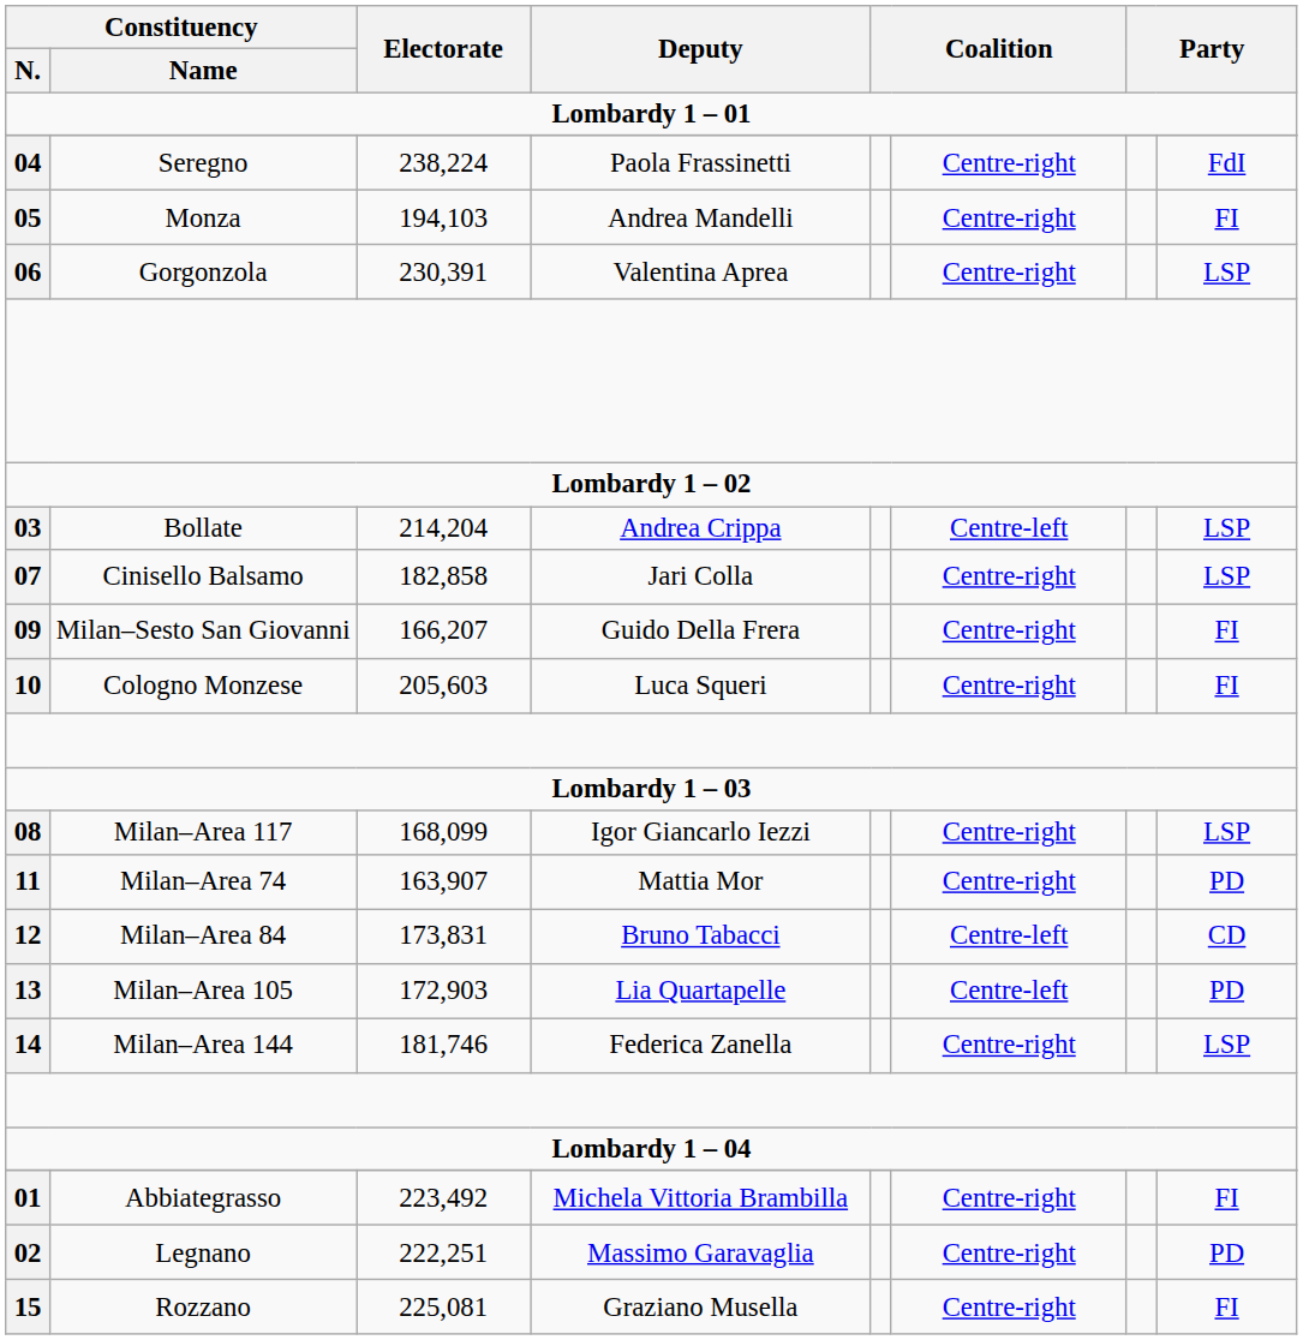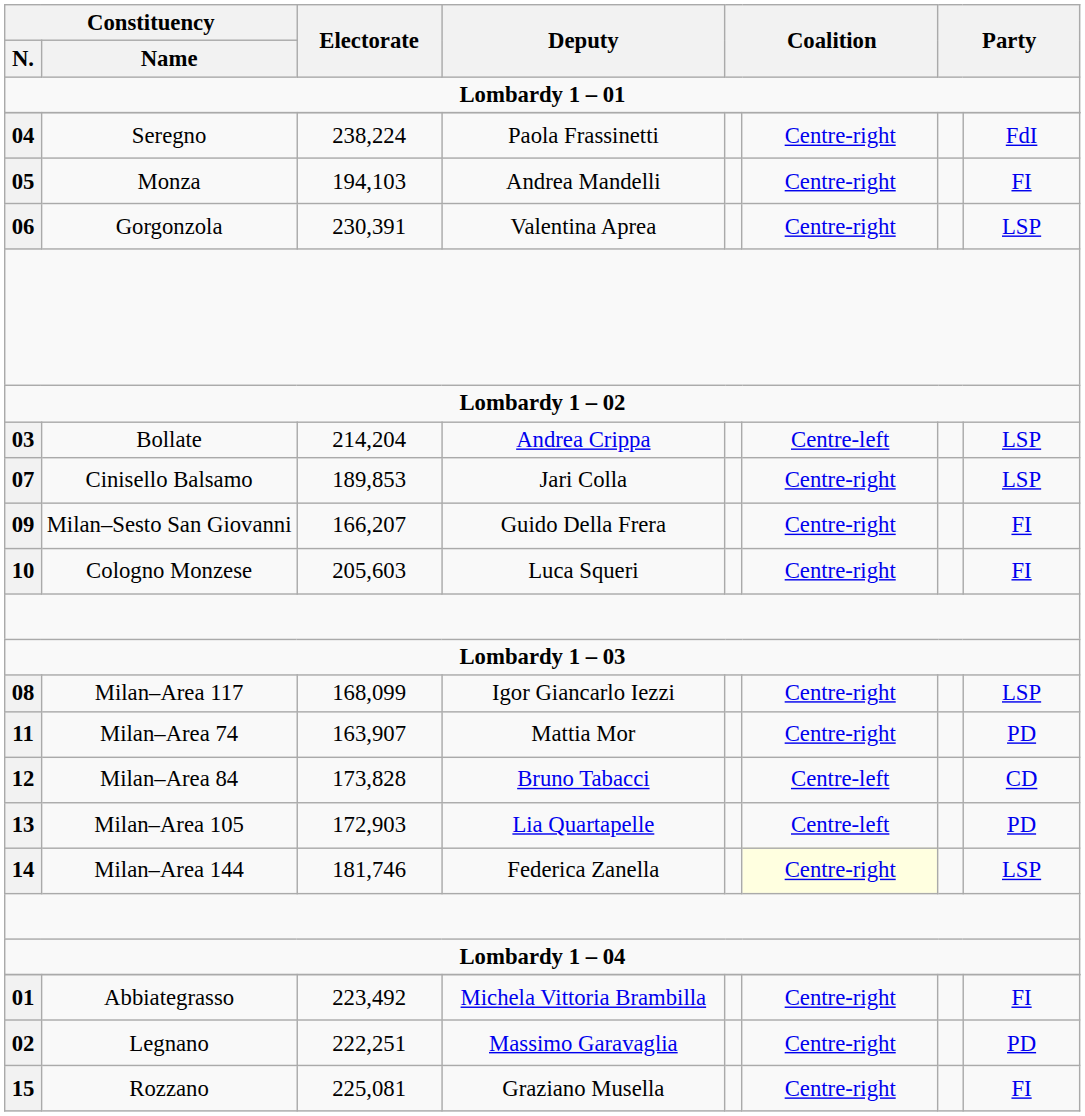 <table class="wikitable" style="text-align:center; style="width=60%">
 <tr>
 <th width=35% colspan="2">Constituency</th>
 <th width=10% rowspan="2">Electorate</th>
 <th width=20% rowspan="2">Deputy</th>
 <th width=15% colspan="2" rowspan="2">Coalition</th>
 <th width=10% colspan="2" rowspan="2">Party</th>
 </tr>
 <tr>
 <th width=1%>N.</th>
 <th width=18%>Name</th>
 </tr>
 <tr>
 <td colspan=10 align=center><strong>Lombardy 1 – 01</strong></td>
 </tr>
 <tr>
 </tr>
 <tr style="height:2em;">
 <th>04</th>
 <td>Seregno</td>
 <td>238,224</td>
 <td>Paola Frassinetti</td>
 <td style="background:"></td>
 <td><a href='#'>Centre-right</a></td>
 <td style="background:"></td>
 <td><a href='#'>FdI</a></td>
 </tr>
 <tr style="height:2em;">
 <th>05</th>
 <td>Monza</td>
 <td>194,103</td>
 <td>Andrea Mandelli</td>
 <td style="background:"></td>
 <td><a href='#'>Centre-right</a></td>
 <td style="background:"></td>
 <td><a href='#'>FI</a></td>
 </tr>
 <tr style="height:2em;">
 <th>06</th>
 <td>Gorgonzola</td>
 <td>230,391</td>
 <td>Valentina Aprea</td>
 <td style="background:"></td>
 <td><a href='#'>Centre-right</a></td>
 <td style="background:"></td>
 <td><a href='#'>LSP</a></td>
 </tr>
 <tr style="height:6em;">
 </tr>
 <tr>
 <td colspan=10 align=center><strong>Lombardy 1 – 02</strong></td>
 </tr>
 <tr>
 <th>03</th>
 <td>Bollate</td>
 <td>214,204</td>
 <td><a href='#'>Andrea Crippa</a></td>
 <td style="background:"></td>
 <td><a href='#'>Centre-left</a></td>
 <td style="background:"></td>
 <td><a href='#'>LSP</a></td>
 </tr>
 <tr style="height:2em;">
 <th>07</th>
 <td>Cinisello Balsamo</td>
-<td>182,858</td>
+<td>189,853</td>
 <td>Jari Colla</td>
 <td style="background:"></td>
 <td><a href='#'>Centre-right</a></td>
 <td style="background:"></td>
 <td><a href='#'>LSP</a></td>
 </tr>
 <tr style="height:2em;">
 <th>09</th>
 <td>Milan–Sesto San Giovanni</td>
 <td>166,207</td>
 <td>Guido Della Frera</td>
 <td style="background:"></td>
 <td><a href='#'>Centre-right</a></td>
 <td style="background:"></td>
 <td><a href='#'>FI</a></td>
 </tr>
 <tr style="height:2em;">
 <th>10</th>
 <td>Cologno Monzese</td>
 <td>205,603</td>
 <td>Luca Squeri</td>
 <td style="background:"></td>
 <td><a href='#'>Centre-right</a></td>
 <td style="background:"></td>
 <td><a href='#'>FI</a></td>
 </tr>
 <tr style="height:2em;">
 </tr>
 <tr>
 <td colspan=10 align=center><strong>Lombardy 1 – 03</strong></td>
 </tr>
 <tr>
 <th>08</th>
 <td>Milan–Area 117</td>
 <td>168,099</td>
 <td>Igor Giancarlo Iezzi</td>
 <td style="background:"></td>
 <td><a href='#'>Centre-right</a></td>
 <td style="background:"></td>
 <td><a href='#'>LSP</a></td>
 </tr>
 <tr style="height:2em;">
 <th>11</th>
 <td>Milan–Area 74</td>
 <td>163,907</td>
 <td>Mattia Mor</td>
 <td style="background:"></td>
 <td><a href='#'>Centre-right</a></td>
 <td style="background:"></td>
 <td><a href='#'>PD</a></td>
 </tr>
 <tr style="height:2em;">
 <th>12</th>
 <td>Milan–Area 84</td>
-<td>173,831</td>
+<td>173,828</td>
 <td><a href='#'>Bruno Tabacci</a></td>
 <td style="background:"></td>
 <td><a href='#'>Centre-left</a></td>
 <td style="background:"></td>
 <td><a href='#'>CD</a></td>
 </tr>
 <tr style="height:2em;">
 <th>13</th>
 <td>Milan–Area 105</td>
 <td>172,903</td>
 <td><a href='#'>Lia Quartapelle</a></td>
 <td style="background:"></td>
 <td><a href='#'>Centre-left</a></td>
 <td style="background:"></td>
 <td><a href='#'>PD</a></td>
 </tr>
 <tr style="height:2em;">
 <th>14</th>
 <td>Milan–Area 144</td>
 <td>181,746</td>
 <td>Federica Zanella</td>
 <td style="background:"></td>
-<td><a href='#'>Centre-right</a></td>
+<td style="background: lightyellow;"><a href='#'>Centre-right</a></td>
 <td style="background:"></td>
 <td><a href='#'>LSP</a></td>
 </tr>
 <tr style="height:2em;">
 </tr>
 <tr>
 <td colspan=10 align=center><strong>Lombardy 1 – 04</strong></td>
 </tr>
 <tr>
 </tr>
 <tr style="height:2em;">
 <th>01</th>
 <td>Abbiategrasso</td>
 <td>223,492</td>
 <td><a href='#'>Michela Vittoria Brambilla</a></td>
 <td style="background:"></td>
 <td><a href='#'>Centre-right</a></td>
 <td style="background:"></td>
 <td><a href='#'>FI</a></td>
 </tr>
 <tr style="height:2em;">
 <th>02</th>
 <td>Legnano</td>
 <td>222,251</td>
 <td><a href='#'>Massimo Garavaglia</a></td>
 <td style="background:"></td>
 <td><a href='#'>Centre-right</a></td>
 <td style="background:"></td>
 <td><a href='#'>PD</a></td>
 </tr>
 <tr style="height:2em;">
 <th>15</th>
 <td>Rozzano</td>
 <td>225,081</td>
 <td>Graziano Musella</td>
 <td style="background:"></td>
 <td><a href='#'>Centre-right</a></td>
 <td style="background:"></td>
 <td><a href='#'>FI</a></td>
 </tr>
 </table>
